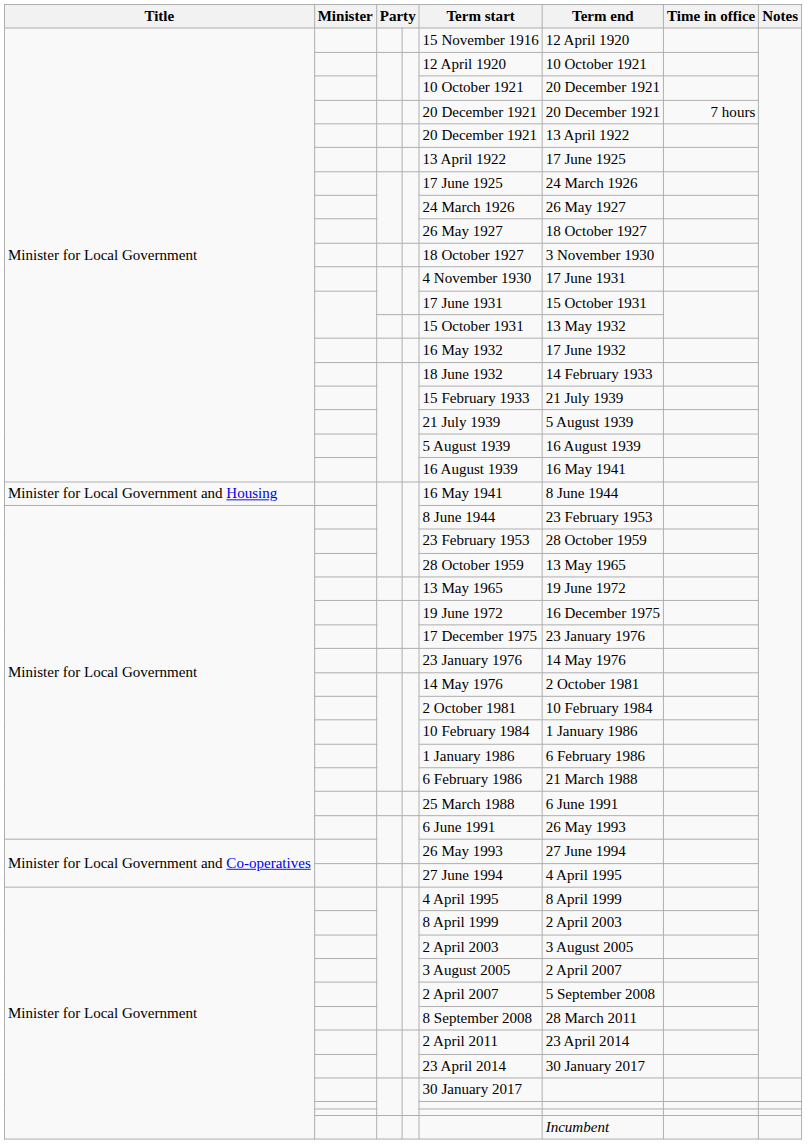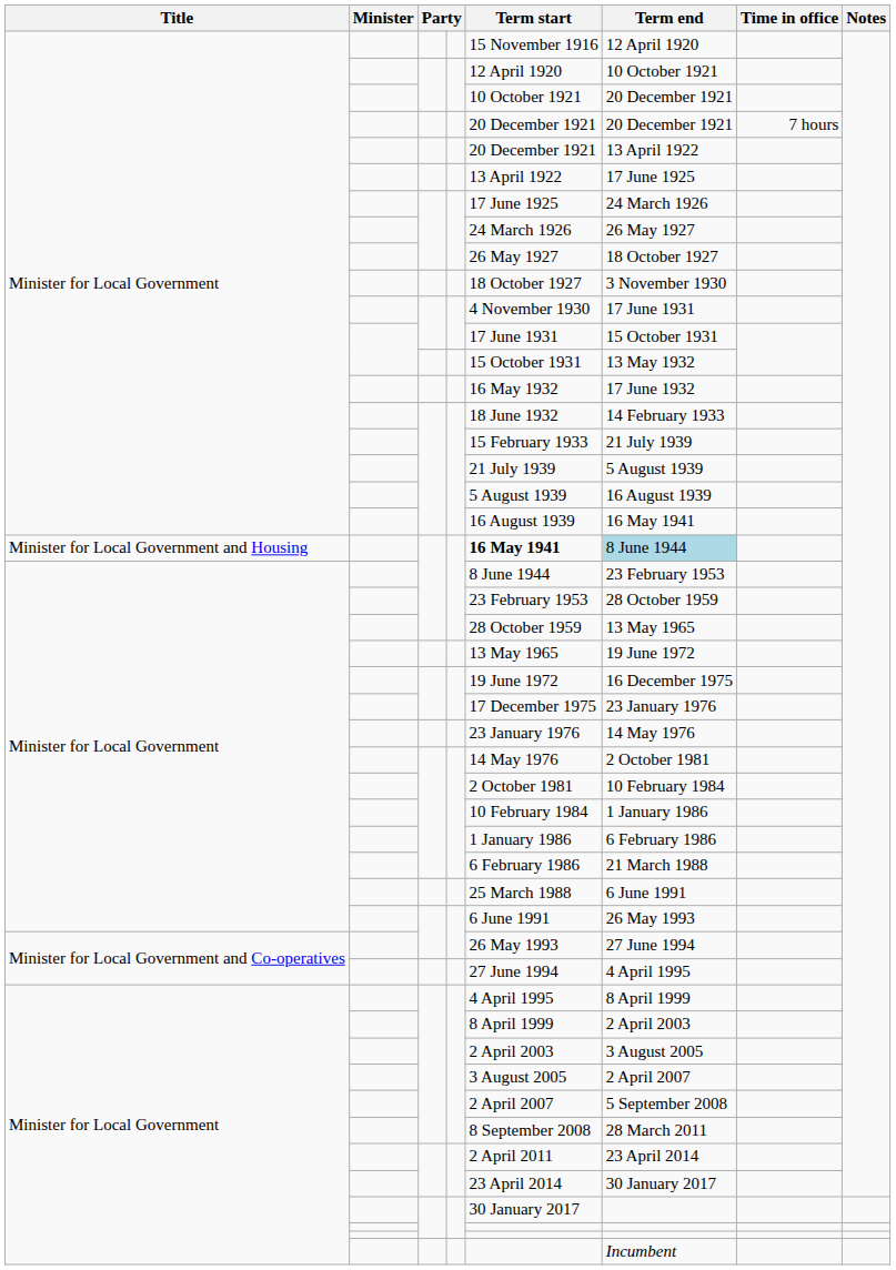 <table class="wikitable sortable">
 <tr>
 <th>Title</th>
 <th>Minister</th>
 <th colspan="2">Party</th>
 <th>Term start</th>
 <th>Term end</th>
 <th>Time in office</th>
 <th class="unsortable">Notes</th>
 </tr>
 <tr>
 <td rowspan="19">Minister for Local Government</td>
 <td></td>
 <td> </td>
 <td></td>
 <td>15 November 1916</td>
 <td>12 April 1920</td>
 <td align=right></td>
 </tr>
 <tr>
 <td></td>
 <td rowspan="2" > </td>
 <td rowspan="2"></td>
 <td>12 April 1920</td>
 <td>10 October 1921</td>
 <td align=right></td>
 </tr>
 <tr>
 <td></td>
 <td>10 October 1921</td>
 <td>20 December 1921</td>
 <td align=right></td>
 </tr>
 <tr>
 <td></td>
 <td> </td>
 <td></td>
 <td>20 December 1921</td>
 <td>20 December 1921</td>
 <td align=right> 7 hours</td>
 </tr>
 <tr>
 <td></td>
 <td> </td>
 <td></td>
 <td>20 December 1921</td>
 <td>13 April 1922</td>
 <td align=right></td>
 </tr>
 <tr>
 <td></td>
 <td> </td>
 <td></td>
 <td>13 April 1922</td>
 <td>17 June 1925</td>
 <td align=right></td>
 </tr>
 <tr>
 <td></td>
 <td rowspan="3" > </td>
 <td rowspan="3"></td>
 <td>17 June 1925</td>
 <td>24 March 1926</td>
 <td align=right></td>
 </tr>
 <tr>
 <td></td>
 <td>24 March 1926</td>
 <td>26 May 1927</td>
 <td align=right></td>
 </tr>
 <tr>
 <td></td>
 <td>26 May 1927</td>
 <td>18 October 1927</td>
 <td align=right></td>
 </tr>
 <tr>
 <td></td>
 <td> </td>
 <td></td>
 <td>18 October 1927</td>
 <td>3 November 1930</td>
 <td align=right></td>
 </tr>
 <tr>
 <td></td>
 <td rowspan="2" > </td>
 <td rowspan="2"></td>
 <td>4 November 1930</td>
 <td>17 June 1931</td>
 <td align=right></td>
 </tr>
 <tr>
 <td rowspan="2"></td>
 <td>17 June 1931</td>
 <td>15 October 1931</td>
 <td rowspan=2 align=right></td>
 </tr>
 <tr>
 <td> </td>
 <td></td>
 <td>15 October 1931</td>
 <td>13 May 1932</td>
 </tr>
 <tr>
 <td></td>
 <td> </td>
 <td></td>
 <td>16 May 1932</td>
 <td>17 June 1932</td>
 <td align=right></td>
 </tr>
 <tr>
 <td></td>
 <td rowspan="5" > </td>
 <td rowspan="5"></td>
 <td>18 June 1932</td>
 <td>14 February 1933</td>
 <td align=right></td>
 </tr>
 <tr>
 <td></td>
 <td>15 February 1933</td>
 <td>21 July 1939</td>
 <td align=right></td>
 </tr>
 <tr>
 <td></td>
 <td>21 July 1939</td>
 <td>5 August 1939</td>
 <td align=right></td>
 </tr>
 <tr>
 <td></td>
 <td>5 August 1939</td>
 <td>16 August 1939</td>
 <td align=right></td>
 </tr>
 <tr>
 <td></td>
 <td>16 August 1939</td>
 <td>16 May 1941</td>
 <td align=right></td>
 </tr>
 <tr>
 <td>Minister for Local Government and <a href='#'>Housing</a></td>
 <td></td>
 <td rowspan="4" > </td>
 <td rowspan="4"></td>
-<td>16 May 1941</td>
-<td>8 June 1944</td>
+<td><strong>16 May 1941</strong></td>
+<td style="background: lightblue;">8 June 1944</td>
 <td align=right></td>
 </tr>
 <tr>
 <td rowspan="14">Minister for Local Government</td>
 <td></td>
 <td>8 June 1944</td>
 <td>23 February 1953</td>
 <td align=right><strong></strong></td>
 </tr>
 <tr>
 <td></td>
 <td>23 February 1953</td>
 <td>28 October 1959</td>
 <td align=right></td>
 </tr>
 <tr>
 <td></td>
 <td>28 October 1959</td>
 <td>13 May 1965</td>
 <td align=right></td>
 </tr>
 <tr>
 <td></td>
 <td> </td>
 <td></td>
 <td>13 May 1965</td>
 <td>19 June 1972</td>
 <td align=right></td>
 </tr>
 <tr>
 <td></td>
 <td rowspan="2" > </td>
 <td rowspan="2"></td>
 <td>19 June 1972</td>
 <td>16 December 1975</td>
 <td align=right></td>
 </tr>
 <tr>
 <td></td>
 <td>17 December 1975</td>
 <td>23 January 1976</td>
 <td align=right></td>
 </tr>
 <tr>
 <td></td>
 <td> </td>
 <td></td>
 <td>23 January 1976</td>
 <td>14 May 1976</td>
 <td align=right></td>
 </tr>
 <tr>
 <td></td>
 <td rowspan="5" > </td>
 <td rowspan="5"></td>
 <td>14 May 1976</td>
 <td>2 October 1981</td>
 <td align=right></td>
 </tr>
 <tr>
 <td></td>
 <td>2 October 1981</td>
 <td>10 February 1984</td>
 <td align=right></td>
 </tr>
 <tr>
 <td></td>
 <td>10 February 1984</td>
 <td>1 January 1986</td>
 <td align=right></td>
 </tr>
 <tr>
 <td></td>
 <td>1 January 1986</td>
 <td>6 February 1986</td>
 <td align=right></td>
 </tr>
 <tr>
 <td></td>
 <td>6 February 1986</td>
 <td>21 March 1988</td>
 <td align=right></td>
 </tr>
 <tr>
 <td></td>
 <td> </td>
 <td></td>
 <td>25 March 1988</td>
 <td>6 June 1991</td>
 <td align=right></td>
 </tr>
 <tr>
 <td></td>
 <td rowspan="2" > </td>
 <td rowspan="2"></td>
 <td>6 June 1991</td>
 <td>26 May 1993</td>
 <td align=right></td>
 </tr>
 <tr>
 <td rowspan="2">Minister for Local Government and <a href='#'>Co-operatives</a></td>
 <td></td>
 <td>26 May 1993</td>
 <td>27 June 1994</td>
 <td align=right></td>
 </tr>
 <tr>
 <td></td>
 <td> </td>
 <td></td>
 <td>27 June 1994</td>
 <td>4 April 1995</td>
 <td align=right></td>
 </tr>
 <tr>
 <td rowspan="12">Minister for Local Government</td>
 <td></td>
 <td rowspan="6" > </td>
 <td rowspan="6"></td>
 <td>4 April 1995</td>
 <td>8 April 1999</td>
 <td align=right></td>
 </tr>
 <tr>
 <td></td>
 <td>8 April 1999</td>
 <td>2 April 2003</td>
 <td align=right></td>
 </tr>
 <tr>
 <td></td>
 <td>2 April 2003</td>
 <td>3 August 2005</td>
 <td align=right></td>
 </tr>
 <tr>
 <td></td>
 <td>3 August 2005</td>
 <td>2 April 2007</td>
 <td align=right></td>
 </tr>
 <tr>
 <td></td>
 <td>2 April 2007</td>
 <td>5 September 2008</td>
 <td align=right></td>
 </tr>
 <tr>
 <td></td>
 <td>8 September 2008</td>
 <td>28 March 2011</td>
 <td align=right></td>
 </tr>
 <tr>
 <td></td>
 <td rowspan="2" > </td>
 <td rowspan="2"></td>
 <td>2 April 2011</td>
 <td>23 April 2014</td>
 <td align=right></td>
 </tr>
 <tr>
 <td></td>
 <td>23 April 2014</td>
 <td>30 January 2017</td>
 <td align=right></td>
 </tr>
 <tr>
 <td></td>
 <td rowspan="3" > </td>
 <td rowspan="3"></td>
 <td>30 January 2017</td>
 <td></td>
 <td align=right></td>
 <td></td>
 </tr>
 <tr>
 <td></td>
 <td></td>
 <td></td>
 <td align=right></td>
 <td></td>
 </tr>
 <tr>
 <td></td>
 <td></td>
 <td></td>
 <td align=right></td>
 <td></td>
 </tr>
 <tr>
 <td></td>
 <td> </td>
 <td></td>
 <td></td>
 <td><em>Incumbent</em></td>
 <td align=right></td>
 <td></td>
 </tr>
 </table>
